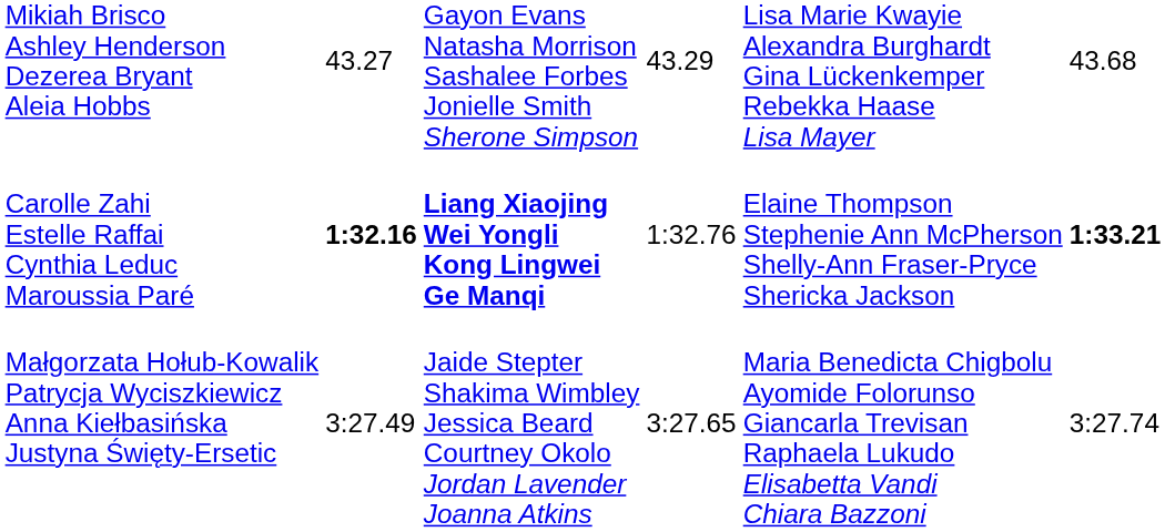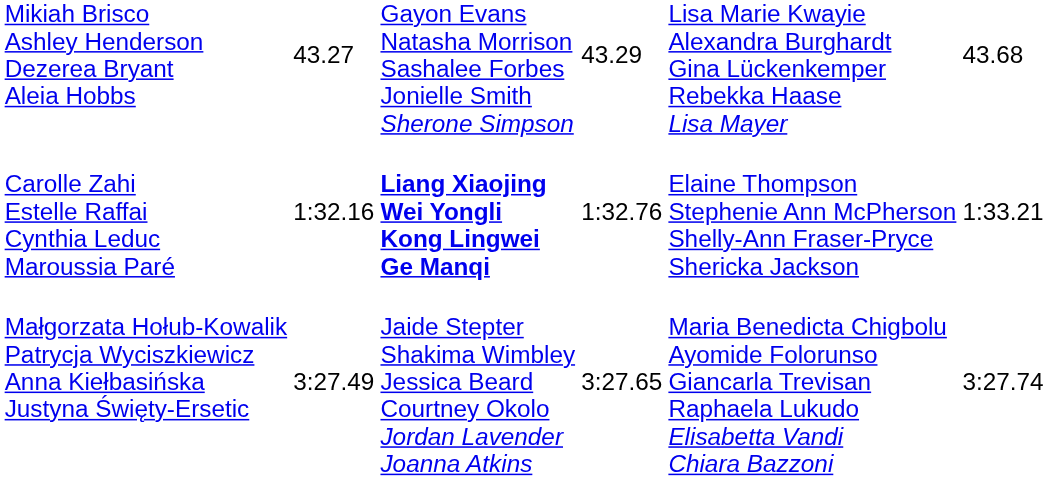 <table>
 <tr>
 <td></td>
 <td valign=top><br><a href='#'>Mikiah Brisco</a><br><a href='#'>Ashley Henderson</a><br><a href='#'>Dezerea Bryant</a><br><a href='#'>Aleia Hobbs</a></td>
 <td>43.27</td>
 <td><br><a href='#'>Gayon Evans</a><br><a href='#'>Natasha Morrison</a><br><a href='#'>Sashalee Forbes</a><br><a href='#'>Jonielle Smith</a><br><em><a href='#'>Sherone Simpson</a></em></td>
 <td>43.29</td>
 <td><br><a href='#'>Lisa Marie Kwayie</a><br><a href='#'>Alexandra Burghardt</a><br><a href='#'>Gina Lückenkemper</a><br><a href='#'>Rebekka Haase</a><br><em><a href='#'>Lisa Mayer</a></em></td>
 <td>43.68</td>
 </tr>
 <tr>
 <td></td>
 <td><br><a href='#'>Carolle Zahi</a><br><a href='#'>Estelle Raffai</a><br><a href='#'>Cynthia Leduc</a><br><a href='#'>Maroussia Paré</a></td>
-<td><strong>1:32.16 </strong></td>
+<td>1:32.16 </td>
 <td><strong><br><a href='#'>Liang Xiaojing</a><br><a href='#'>Wei Yongli</a><br><a href='#'>Kong Lingwei</a><br><a href='#'>Ge Manqi</a></strong></td>
 <td>1:32.76 </td>
 <td><br><a href='#'>Elaine Thompson</a><br><a href='#'>Stephenie Ann McPherson</a><br><a href='#'>Shelly-Ann Fraser-Pryce</a><br><a href='#'>Shericka Jackson</a></td>
-<td><strong>1:33.21</strong></td>
+<td>1:33.21</td>
 </tr>
 <tr>
 <td></td>
 <td valign=top><br><a href='#'>Małgorzata Hołub-Kowalik</a><br><a href='#'>Patrycja Wyciszkiewicz</a><br><a href='#'>Anna Kiełbasińska</a><br><a href='#'>Justyna Święty-Ersetic</a></td>
 <td>3:27.49</td>
 <td><br><a href='#'>Jaide Stepter</a><br><a href='#'>Shakima Wimbley</a><br><a href='#'>Jessica Beard</a><br><a href='#'>Courtney Okolo</a><br><em><a href='#'>Jordan Lavender</a><br><a href='#'>Joanna Atkins</a></em></td>
 <td>3:27.65</td>
 <td><br><a href='#'>Maria Benedicta Chigbolu</a><br><a href='#'>Ayomide Folorunso</a><br><a href='#'>Giancarla Trevisan</a><br><a href='#'>Raphaela Lukudo</a><br><em><a href='#'>Elisabetta Vandi</a><br><a href='#'>Chiara Bazzoni</a></em></td>
 <td>3:27.74</td>
 </tr>
 </table>
